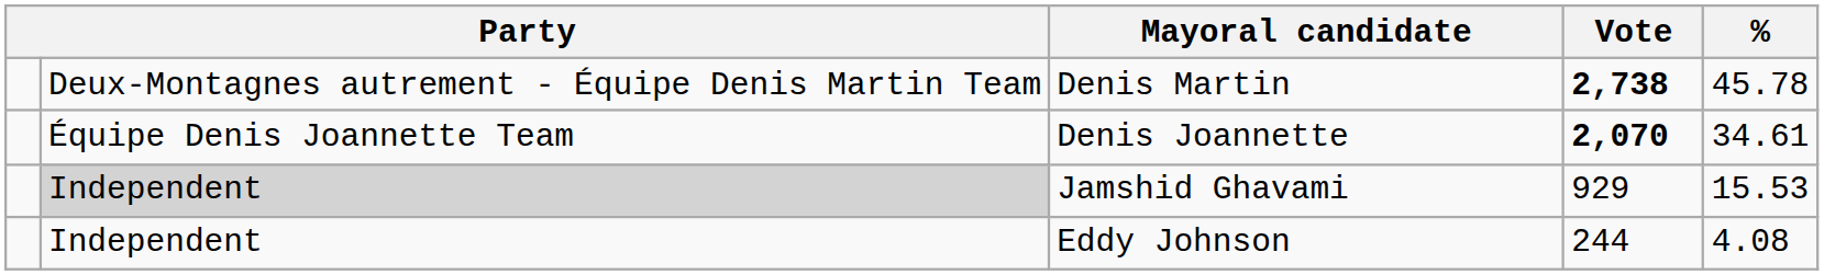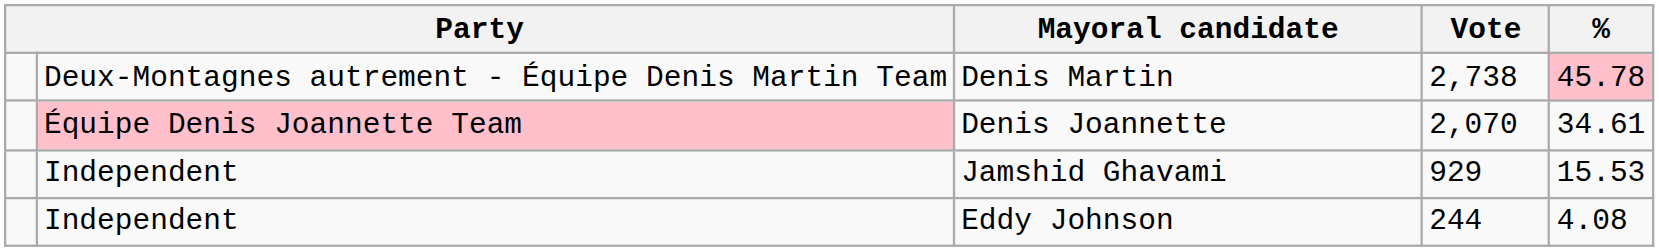 <table class="wikitable">
 <tr>
 <th bgcolor="#DDDDFF" width="230px" colspan="2">Party</th>
 <th bgcolor="#DDDDFF" width="200px">Mayoral candidate</th>
 <th bgcolor="#DDDDFF" width="50px">Vote</th>
 <th bgcolor="#DDDDFF" width="30px">%</th>
 </tr>
 <tr>
 <td> </td>
 <td>Deux-Montagnes autrement - Équipe Denis Martin Team</td>
 <td>Denis Martin</td>
-<td><strong>2,738</strong></td>
-<td>45.78</td>
+<td>2,738</td>
+<td style="background: pink;">45.78</td>
 </tr>
 <tr>
 <td> </td>
-<td>Équipe Denis Joannette Team</td>
+<td style="background: pink;">Équipe Denis Joannette Team</td>
 <td>Denis Joannette</td>
-<td><strong>2,070</strong></td>
+<td>2,070</td>
 <td>34.61</td>
 </tr>
 <tr>
 <td> </td>
-<td style="background: lightgrey;">Independent</td>
+<td>Independent</td>
 <td>Jamshid Ghavami</td>
 <td>929</td>
 <td>15.53</td>
 </tr>
 <tr>
 <td> </td>
 <td>Independent</td>
 <td>Eddy Johnson</td>
 <td>244</td>
 <td>4.08</td>
 </tr>
 </table>
